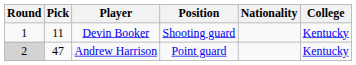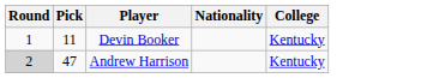 <table class="wikitable sortable sortable">
 <tr>
 <th>Round</th>
 <th>Pick</th>
 <th>Player</th>
-<th>Position</th>
 <th>Nationality</th>
 <th>College</th>
 </tr>
 <tr style="text-align: center">
 <td>1</td>
 <td>11</td>
 <td><a href='#'>Devin Booker</a></td>
-<td><a href='#'>Shooting guard</a></td>
 <td></td>
 <td><a href='#'>Kentucky</a></td>
 </tr>
 <tr style="text-align: center">
 <td style="background: lightgrey;">2</td>
 <td>47</td>
 <td><a href='#'>Andrew Harrison</a></td>
-<td><a href='#'>Point guard</a></td>
 <td></td>
 <td><a href='#'>Kentucky</a></td>
 </tr>
 </table>
